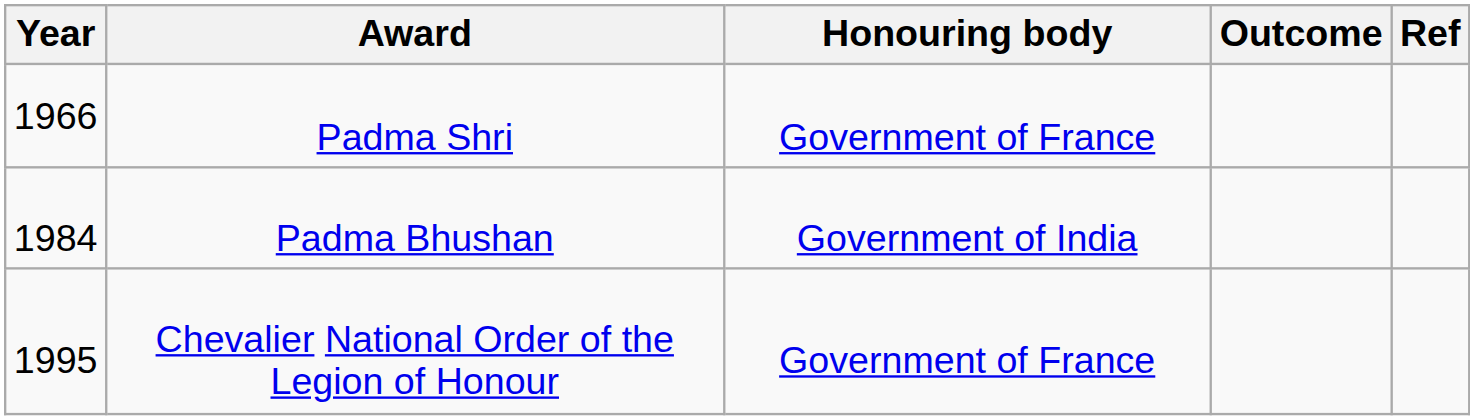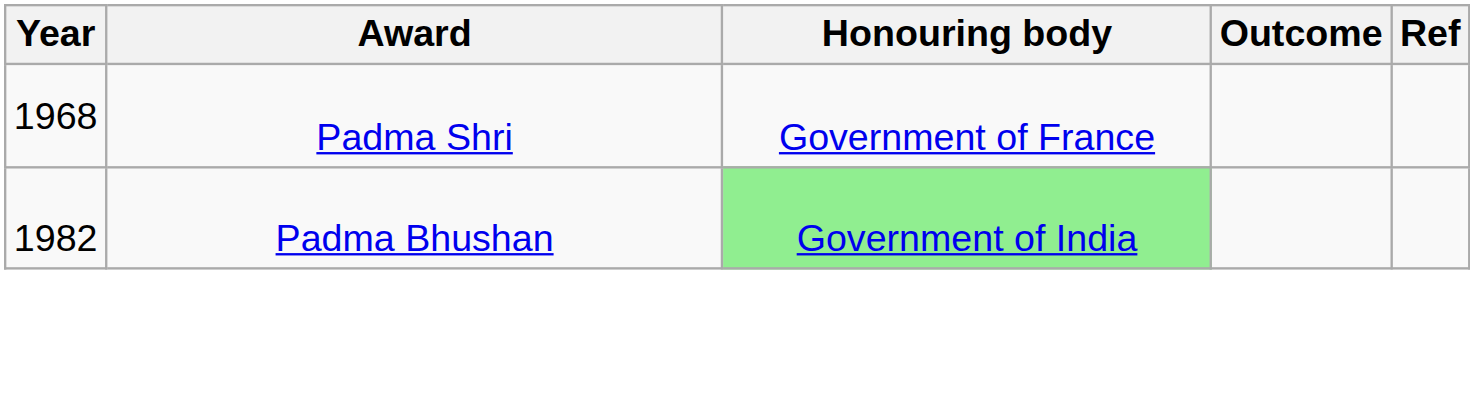 <table class="wikitable sortable" style="width:100%;">
 <tr>
 <th width="5%">Year</th>
 <th style="width:45%;">Award</th>
 <th style="width:35%;">Honouring body</th>
 <th style="width:10%;">Outcome</th>
 <th style="width:5%;">Ref</th>
 </tr>
 <tr>
-<td style="text-align:center;">1966</td>
+<td style="text-align:center;">1968</td>
 <td style="text-align:center;"><br><a href='#'>Padma Shri</a></td>
 <td style="text-align:center;"><br><a href='#'>Government of France</a></td>
 <td></td>
 <td></td>
 </tr>
 <tr>
-<td style="text-align:center;"><br>1984</td>
+<td style="text-align:center;"><br>1982</td>
 <td style="text-align:center;"><br><a href='#'>Padma Bhushan</a></td>
-<td style="text-align:center;"><br><a href='#'>Government of India</a></td>
-<td></td>
-<td></td>
-</tr>
-<tr>
-<td style="text-align:center;"><br>1995</td>
-<td style="text-align:center;"><br><a href='#'>Chevalier</a> <a href='#'>National Order of the Legion of Honour</a></td>
-<td style="text-align:center;"><br><a href='#'>Government of France</a></td>
+<td style="background: lightgreen; text-align:center;"><br><a href='#'>Government of India</a></td>
 <td></td>
 <td></td>
 </tr>
 </table>
